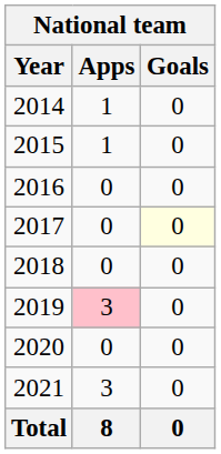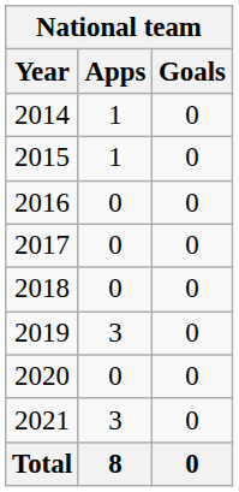 <table class="wikitable" style="text-align:center">
 <tr>
 <th colspan=3>National team</th>
 </tr>
 <tr>
 <th>Year</th>
 <th>Apps</th>
 <th>Goals</th>
 </tr>
 <tr>
 <td>2014</td>
 <td>1</td>
 <td>0</td>
 </tr>
 <tr>
 <td>2015</td>
 <td>1</td>
 <td>0</td>
 </tr>
 <tr>
 <td>2016</td>
 <td>0</td>
 <td>0</td>
 </tr>
 <tr>
 <td>2017</td>
 <td>0</td>
-<td style="background: lightyellow;">0</td>
+<td>0</td>
 </tr>
 <tr>
 <td>2018</td>
 <td>0</td>
 <td>0</td>
 </tr>
 <tr>
 <td>2019</td>
-<td style="background: pink;">3</td>
+<td>3</td>
 <td>0</td>
 </tr>
 <tr>
 <td>2020</td>
 <td>0</td>
 <td>0</td>
 </tr>
 <tr>
 <td>2021</td>
 <td>3</td>
 <td>0</td>
 </tr>
 <tr>
 <th>Total</th>
 <th>8</th>
 <th>0</th>
 </tr>
 </table>
